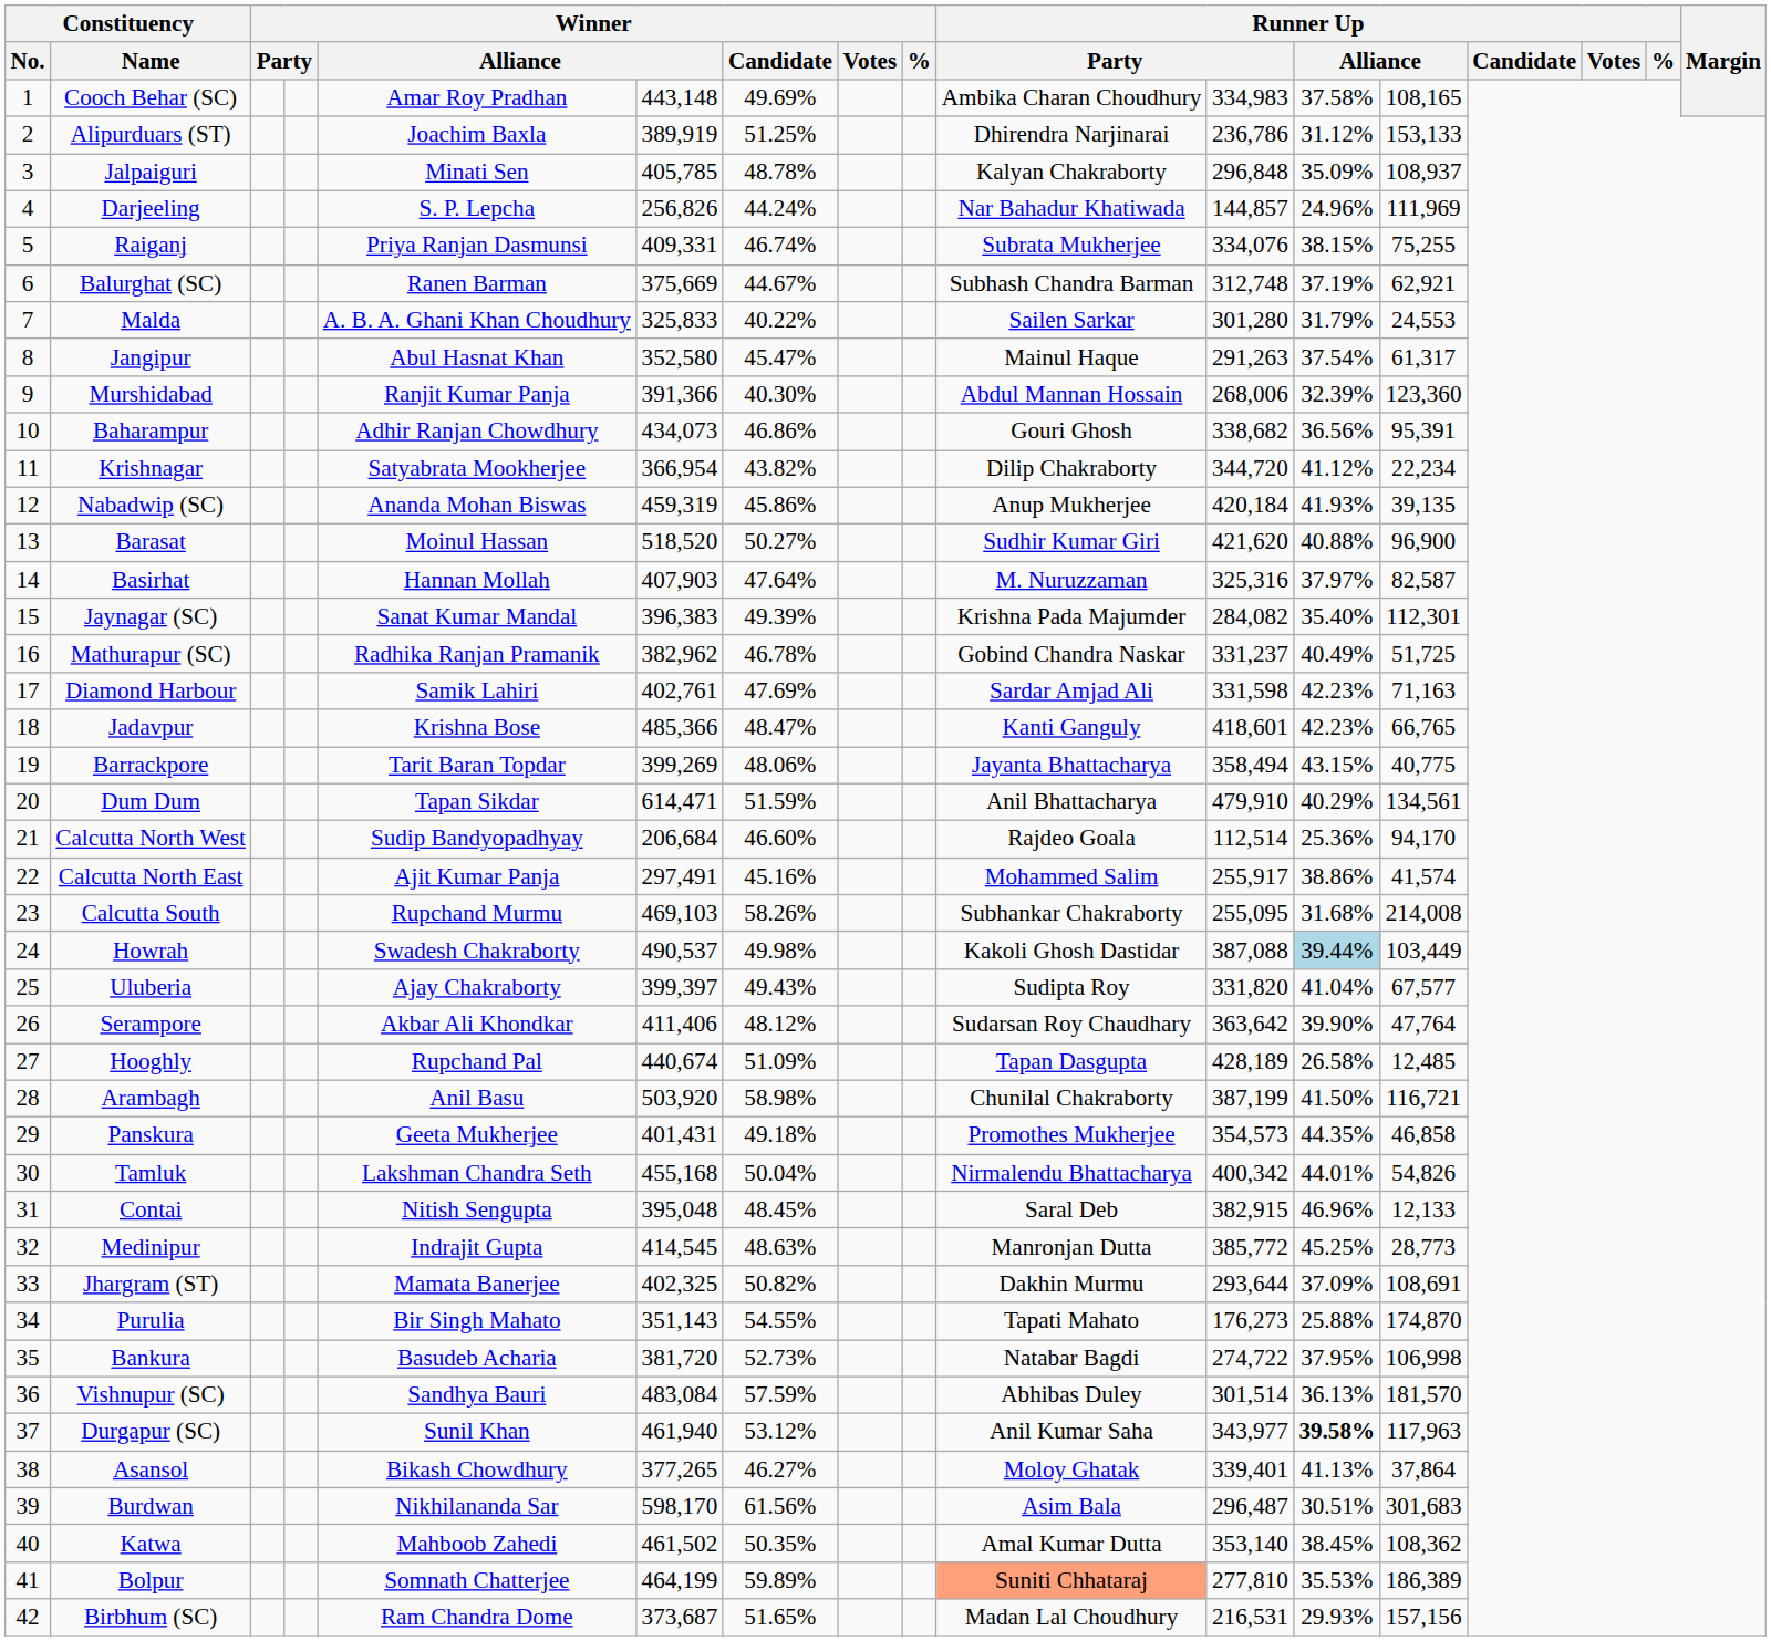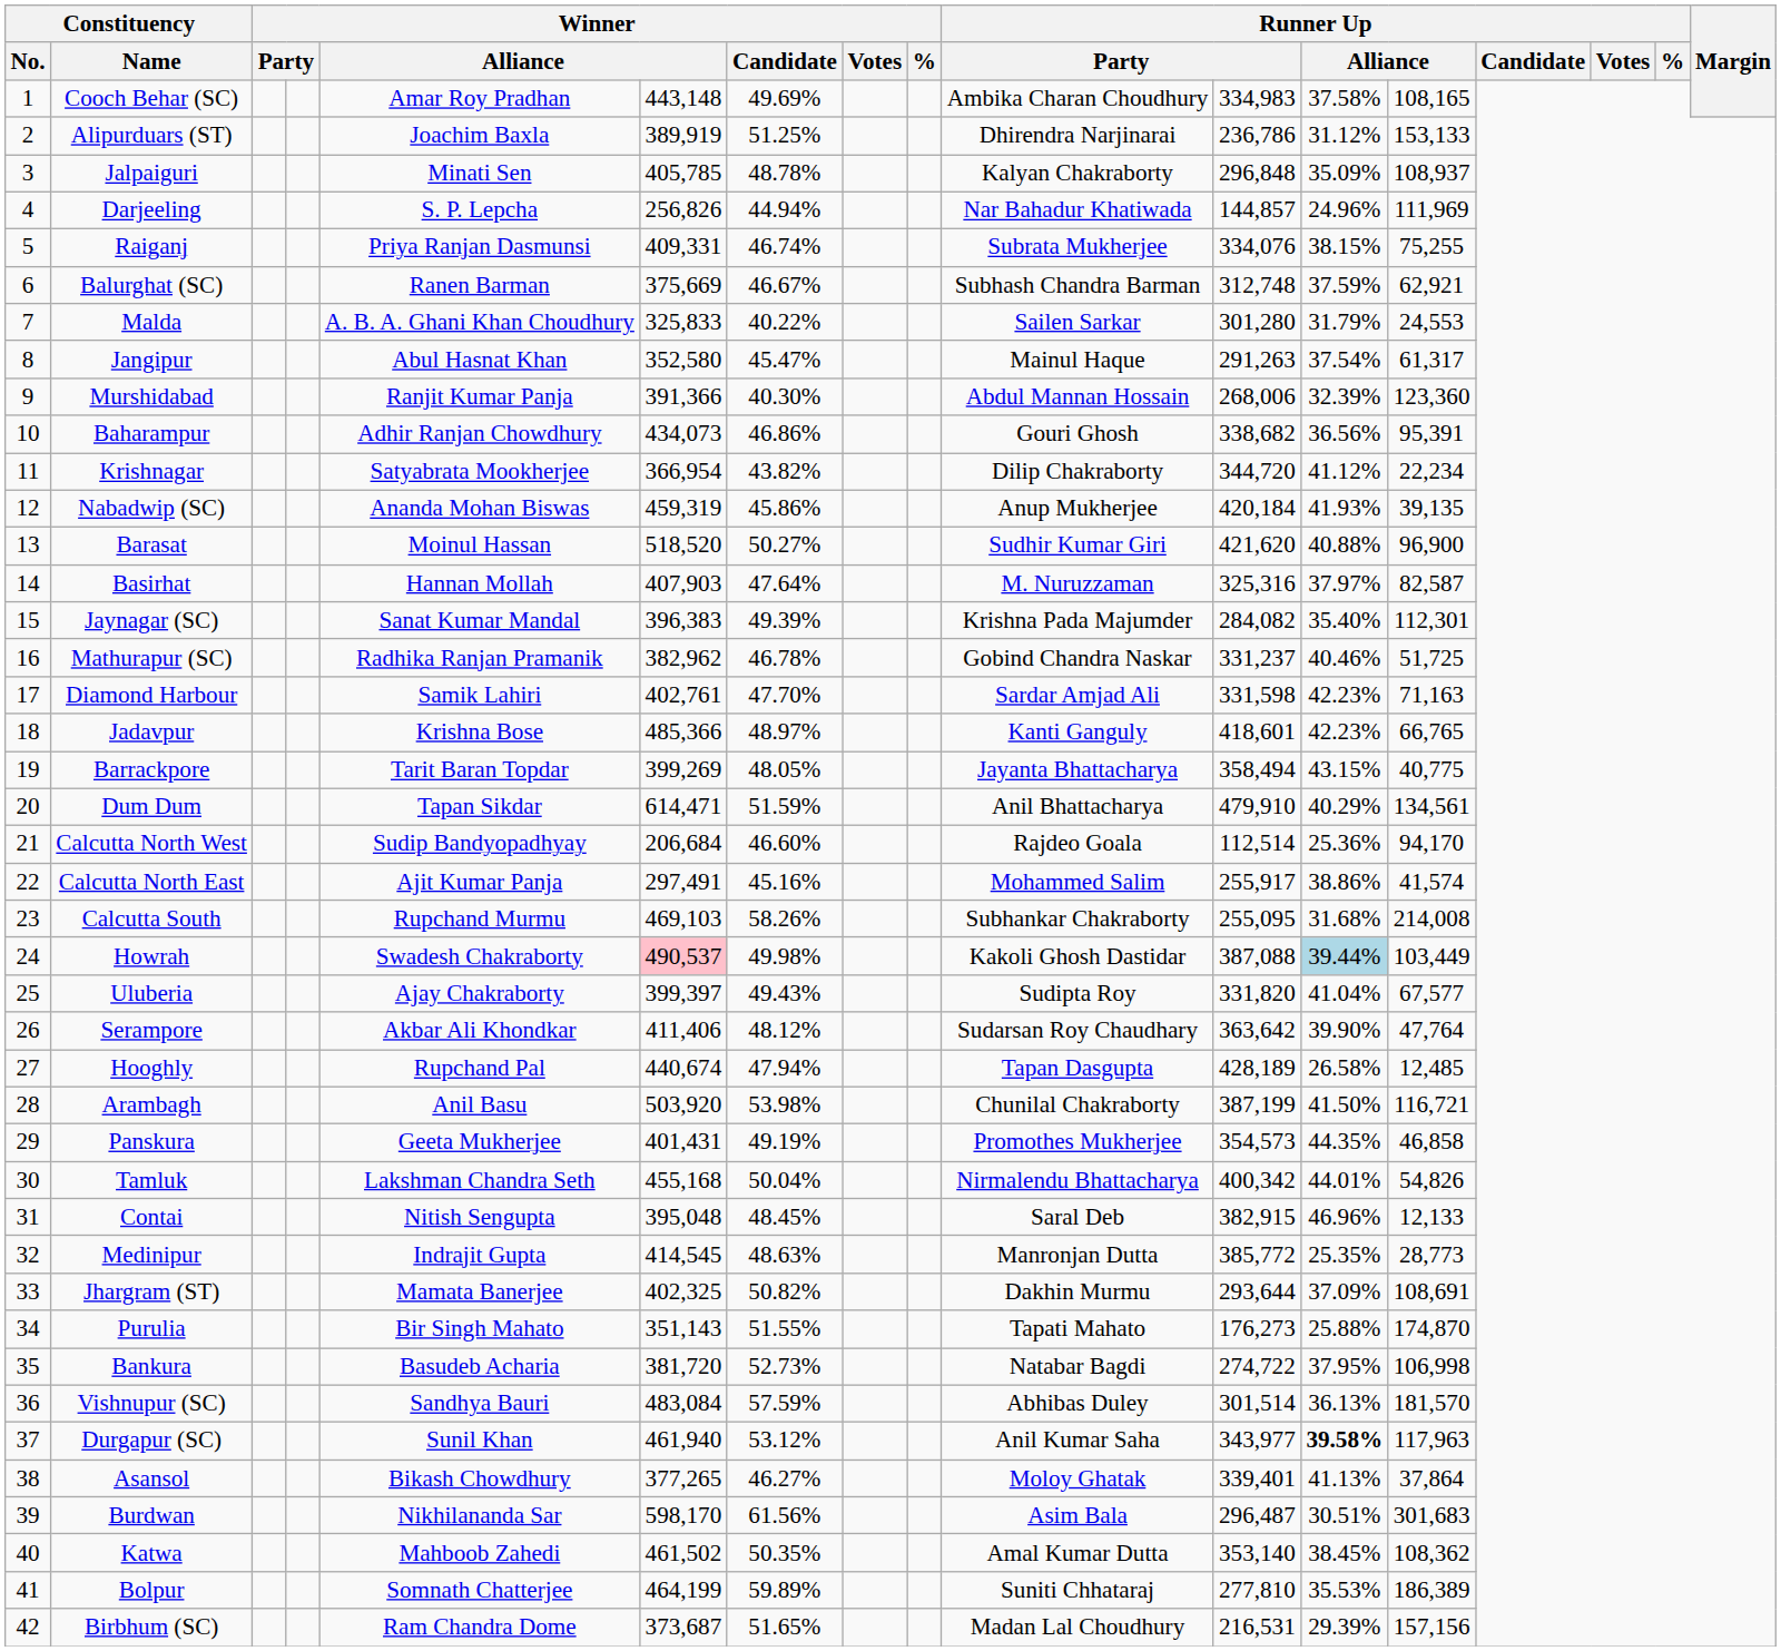 <table class="wikitable sortable" style="text-align:center;">
 <tr>
 <th colspan="2">Constituency</th>
 <th colspan="7">Winner</th>
 <th colspan="7">Runner Up</th>
 <th rowspan="3">Margin</th>
 </tr>
 <tr>
 <th>No.</th>
 <th>Name</th>
 <th colspan="2">Party</th>
 <th colspan="2">Alliance</th>
 <th>Candidate</th>
 <th>Votes</th>
 <th>%</th>
 <th colspan="2">Party</th>
 <th colspan="2">Alliance</th>
 <th>Candidate</th>
 <th>Votes</th>
 <th>%</th>
 </tr>
 <tr>
 <td>1</td>
 <td><a href='#'>Cooch Behar</a> (SC)</td>
 <td></td>
 <td></td>
 <td><a href='#'>Amar Roy Pradhan</a></td>
 <td>443,148</td>
 <td>49.69%</td>
 <td></td>
 <td></td>
 <td>Ambika Charan Choudhury</td>
 <td>334,983</td>
 <td>37.58%</td>
 <td style="background:">108,165</td>
 </tr>
 <tr>
 <td>2</td>
 <td><a href='#'>Alipurduars</a> (ST)</td>
 <td></td>
 <td></td>
 <td><a href='#'>Joachim Baxla</a></td>
 <td>389,919</td>
 <td>51.25%</td>
 <td></td>
 <td></td>
 <td>Dhirendra Narjinarai</td>
 <td>236,786</td>
 <td>31.12%</td>
 <td style="background:">153,133</td>
 </tr>
 <tr>
 <td>3</td>
 <td><a href='#'>Jalpaiguri</a></td>
 <td></td>
 <td></td>
 <td><a href='#'>Minati Sen</a></td>
 <td>405,785</td>
 <td>48.78%</td>
 <td></td>
 <td></td>
 <td>Kalyan Chakraborty</td>
 <td>296,848</td>
 <td>35.09%</td>
 <td style="background:">108,937</td>
 </tr>
 <tr>
 <td>4</td>
 <td><a href='#'>Darjeeling</a></td>
 <td></td>
 <td></td>
 <td><a href='#'>S. P. Lepcha</a></td>
 <td>256,826</td>
-<td>44.24%</td>
+<td>44.94%</td>
 <td></td>
 <td></td>
 <td><a href='#'>Nar Bahadur Khatiwada</a></td>
 <td>144,857</td>
 <td>24.96%</td>
 <td style="background:">111,969</td>
 </tr>
 <tr>
 <td>5</td>
 <td><a href='#'>Raiganj</a></td>
 <td></td>
 <td></td>
 <td><a href='#'>Priya Ranjan Dasmunsi</a></td>
 <td>409,331</td>
 <td>46.74%</td>
 <td></td>
 <td></td>
 <td><a href='#'>Subrata Mukherjee</a></td>
 <td>334,076</td>
 <td>38.15%</td>
 <td style="background:">75,255</td>
 </tr>
 <tr>
 <td>6</td>
 <td><a href='#'>Balurghat</a> (SC)</td>
 <td></td>
 <td></td>
 <td><a href='#'>Ranen Barman</a></td>
 <td>375,669</td>
-<td>44.67%</td>
+<td>46.67%</td>
 <td></td>
 <td></td>
 <td>Subhash Chandra Barman</td>
 <td>312,748</td>
-<td>37.19%</td>
+<td>37.59%</td>
 <td style="background:">62,921</td>
 </tr>
 <tr>
 <td>7</td>
 <td><a href='#'>Malda</a></td>
 <td></td>
 <td></td>
 <td><a href='#'>A. B. A. Ghani Khan Choudhury</a></td>
 <td>325,833</td>
 <td>40.22%</td>
 <td></td>
 <td></td>
 <td><a href='#'>Sailen Sarkar</a></td>
 <td>301,280</td>
 <td>31.79%</td>
 <td style="background:">24,553</td>
 </tr>
 <tr>
 <td>8</td>
 <td><a href='#'>Jangipur</a></td>
 <td></td>
 <td></td>
 <td><a href='#'>Abul Hasnat Khan</a></td>
 <td>352,580</td>
 <td>45.47%</td>
 <td></td>
 <td></td>
 <td>Mainul Haque</td>
 <td>291,263</td>
 <td>37.54%</td>
 <td style="background:">61,317</td>
 </tr>
 <tr>
 <td>9</td>
 <td><a href='#'>Murshidabad</a></td>
 <td></td>
 <td></td>
 <td><a href='#'>Ranjit Kumar Panja</a></td>
 <td>391,366</td>
 <td>40.30%</td>
 <td></td>
 <td></td>
 <td><a href='#'>Abdul Mannan Hossain</a></td>
 <td>268,006</td>
 <td>32.39%</td>
 <td style="background:">123,360</td>
 </tr>
 <tr>
 <td>10</td>
 <td><a href='#'>Baharampur</a></td>
 <td></td>
 <td></td>
 <td><a href='#'>Adhir Ranjan Chowdhury</a></td>
 <td>434,073</td>
 <td>46.86%</td>
 <td></td>
 <td></td>
 <td>Gouri Ghosh</td>
 <td>338,682</td>
 <td>36.56%</td>
 <td style="background:">95,391</td>
 </tr>
 <tr>
 <td>11</td>
 <td><a href='#'>Krishnagar</a></td>
 <td></td>
 <td></td>
 <td><a href='#'>Satyabrata Mookherjee</a></td>
 <td>366,954</td>
 <td>43.82%</td>
 <td></td>
 <td></td>
 <td>Dilip Chakraborty</td>
 <td>344,720</td>
 <td>41.12%</td>
 <td style="background:">22,234</td>
 </tr>
 <tr>
 <td>12</td>
 <td><a href='#'>Nabadwip</a> (SC)</td>
 <td></td>
 <td></td>
 <td><a href='#'>Ananda Mohan Biswas</a></td>
 <td>459,319</td>
 <td>45.86%</td>
 <td></td>
 <td></td>
 <td>Anup Mukherjee</td>
 <td>420,184</td>
 <td>41.93%</td>
 <td style="background:">39,135</td>
 </tr>
 <tr>
 <td>13</td>
 <td><a href='#'>Barasat</a></td>
 <td></td>
 <td></td>
 <td><a href='#'>Moinul Hassan</a></td>
 <td>518,520</td>
 <td>50.27%</td>
 <td></td>
 <td></td>
 <td><a href='#'>Sudhir Kumar Giri</a></td>
 <td>421,620</td>
 <td>40.88%</td>
 <td style="background:">96,900</td>
 </tr>
 <tr>
 <td>14</td>
 <td><a href='#'>Basirhat</a></td>
 <td></td>
 <td></td>
 <td><a href='#'>Hannan Mollah</a></td>
 <td>407,903</td>
 <td>47.64%</td>
 <td></td>
 <td></td>
 <td><a href='#'>M. Nuruzzaman</a></td>
 <td>325,316</td>
 <td>37.97%</td>
 <td style="background:">82,587</td>
 </tr>
 <tr>
 <td>15</td>
 <td><a href='#'>Jaynagar</a> (SC)</td>
 <td></td>
 <td></td>
 <td><a href='#'>Sanat Kumar Mandal</a></td>
 <td>396,383</td>
 <td>49.39%</td>
 <td></td>
 <td></td>
 <td>Krishna Pada Majumder</td>
 <td>284,082</td>
 <td>35.40%</td>
 <td style="background:">112,301</td>
 </tr>
 <tr>
 <td>16</td>
 <td><a href='#'>Mathurapur</a> (SC)</td>
 <td></td>
 <td></td>
 <td><a href='#'>Radhika Ranjan Pramanik</a></td>
 <td>382,962</td>
 <td>46.78%</td>
 <td></td>
 <td></td>
 <td>Gobind Chandra Naskar</td>
 <td>331,237</td>
-<td>40.49%</td>
+<td>40.46%</td>
 <td style="background:">51,725</td>
 </tr>
 <tr>
 <td>17</td>
 <td><a href='#'>Diamond Harbour</a></td>
 <td></td>
 <td></td>
 <td><a href='#'>Samik Lahiri</a></td>
 <td>402,761</td>
-<td>47.69%</td>
+<td>47.70%</td>
 <td></td>
 <td></td>
 <td><a href='#'>Sardar Amjad Ali</a></td>
 <td>331,598</td>
 <td>42.23%</td>
 <td style="background:">71,163</td>
 </tr>
 <tr>
 <td>18</td>
 <td><a href='#'>Jadavpur</a></td>
 <td></td>
 <td></td>
 <td><a href='#'>Krishna Bose</a></td>
 <td>485,366</td>
-<td>48.47%</td>
+<td>48.97%</td>
 <td></td>
 <td></td>
 <td><a href='#'>Kanti Ganguly</a></td>
 <td>418,601</td>
 <td>42.23%</td>
 <td style="background:">66,765</td>
 </tr>
 <tr>
 <td>19</td>
 <td><a href='#'>Barrackpore</a></td>
 <td></td>
 <td></td>
 <td><a href='#'>Tarit Baran Topdar</a></td>
 <td>399,269</td>
-<td>48.06%</td>
+<td>48.05%</td>
 <td></td>
 <td></td>
 <td><a href='#'>Jayanta Bhattacharya</a></td>
 <td>358,494</td>
 <td>43.15%</td>
 <td style="background:">40,775</td>
 </tr>
 <tr>
 <td>20</td>
 <td><a href='#'>Dum Dum</a></td>
 <td></td>
 <td></td>
 <td><a href='#'>Tapan Sikdar</a></td>
 <td>614,471</td>
 <td>51.59%</td>
 <td></td>
 <td></td>
 <td>Anil Bhattacharya</td>
 <td>479,910</td>
 <td>40.29%</td>
 <td style="background:">134,561</td>
 </tr>
 <tr>
 <td>21</td>
 <td><a href='#'>Calcutta North West</a></td>
 <td></td>
 <td></td>
 <td><a href='#'>Sudip Bandyopadhyay</a></td>
 <td>206,684</td>
 <td>46.60%</td>
 <td></td>
 <td></td>
 <td>Rajdeo Goala</td>
 <td>112,514</td>
 <td>25.36%</td>
 <td style="background:">94,170</td>
 </tr>
 <tr>
 <td>22</td>
 <td><a href='#'>Calcutta North East</a></td>
 <td></td>
 <td></td>
 <td><a href='#'>Ajit Kumar Panja</a></td>
 <td>297,491</td>
 <td>45.16%</td>
 <td></td>
 <td></td>
 <td><a href='#'>Mohammed Salim</a></td>
 <td>255,917</td>
 <td>38.86%</td>
 <td style="background:">41,574</td>
 </tr>
 <tr>
 <td>23</td>
 <td><a href='#'>Calcutta South</a></td>
 <td></td>
 <td></td>
 <td><a href='#'>Rupchand Murmu</a></td>
 <td>469,103</td>
 <td>58.26%</td>
 <td></td>
 <td></td>
 <td>Subhankar Chakraborty</td>
 <td>255,095</td>
 <td>31.68%</td>
 <td style="background:">214,008</td>
 </tr>
 <tr>
 <td>24</td>
 <td><a href='#'>Howrah</a></td>
 <td></td>
 <td></td>
 <td><a href='#'>Swadesh Chakraborty</a></td>
-<td>490,537</td>
+<td style="background: pink;">490,537</td>
 <td>49.98%</td>
 <td></td>
 <td></td>
 <td>Kakoli Ghosh Dastidar</td>
 <td>387,088</td>
 <td style="background: lightblue;">39.44%</td>
 <td style="background:">103,449</td>
 </tr>
 <tr>
 <td>25</td>
 <td><a href='#'>Uluberia</a></td>
 <td></td>
 <td></td>
 <td><a href='#'>Ajay Chakraborty</a></td>
 <td>399,397</td>
 <td>49.43%</td>
 <td></td>
 <td></td>
 <td>Sudipta Roy</td>
 <td>331,820</td>
 <td>41.04%</td>
 <td style="background:">67,577</td>
 </tr>
 <tr>
 <td>26</td>
 <td><a href='#'>Serampore</a></td>
 <td></td>
 <td></td>
 <td><a href='#'>Akbar Ali Khondkar</a></td>
 <td>411,406</td>
 <td>48.12%</td>
 <td></td>
 <td></td>
 <td>Sudarsan Roy Chaudhary</td>
 <td>363,642</td>
 <td>39.90%</td>
 <td style="background:">47,764</td>
 </tr>
 <tr>
 <td>27</td>
 <td><a href='#'>Hooghly</a></td>
 <td></td>
 <td></td>
 <td><a href='#'>Rupchand Pal</a></td>
 <td>440,674</td>
-<td>51.09%</td>
+<td>47.94%</td>
 <td></td>
 <td></td>
 <td><a href='#'>Tapan Dasgupta</a></td>
 <td>428,189</td>
 <td>26.58%</td>
 <td style="background:">12,485</td>
 </tr>
 <tr>
 <td>28</td>
 <td><a href='#'>Arambagh</a></td>
 <td></td>
 <td></td>
 <td><a href='#'>Anil Basu</a></td>
 <td>503,920</td>
-<td>58.98%</td>
+<td>53.98%</td>
 <td></td>
 <td></td>
 <td>Chunilal Chakraborty</td>
 <td>387,199</td>
 <td>41.50%</td>
 <td style="background:">116,721</td>
 </tr>
 <tr>
 <td>29</td>
 <td><a href='#'>Panskura</a></td>
 <td></td>
 <td></td>
 <td><a href='#'>Geeta Mukherjee</a></td>
 <td>401,431</td>
-<td>49.18%</td>
+<td>49.19%</td>
 <td></td>
 <td></td>
 <td><a href='#'>Promothes Mukherjee</a></td>
 <td>354,573</td>
 <td>44.35%</td>
 <td style="background:">46,858</td>
 </tr>
 <tr>
 <td>30</td>
 <td><a href='#'>Tamluk</a></td>
 <td></td>
 <td></td>
 <td><a href='#'>Lakshman Chandra Seth</a></td>
 <td>455,168</td>
 <td>50.04%</td>
 <td></td>
 <td></td>
 <td><a href='#'>Nirmalendu Bhattacharya</a></td>
 <td>400,342</td>
 <td>44.01%</td>
 <td style="background:">54,826</td>
 </tr>
 <tr>
 <td>31</td>
 <td><a href='#'>Contai</a></td>
 <td></td>
 <td></td>
 <td><a href='#'>Nitish Sengupta</a></td>
 <td>395,048</td>
 <td>48.45%</td>
 <td></td>
 <td></td>
 <td>Saral Deb</td>
 <td>382,915</td>
 <td>46.96%</td>
 <td style="background:">12,133</td>
 </tr>
 <tr>
 <td>32</td>
 <td><a href='#'>Medinipur</a></td>
 <td></td>
 <td></td>
 <td><a href='#'>Indrajit Gupta</a></td>
 <td>414,545</td>
 <td>48.63%</td>
 <td></td>
 <td></td>
 <td>Manronjan Dutta</td>
 <td>385,772</td>
-<td>45.25%</td>
+<td>25.35%</td>
 <td style="background:">28,773</td>
 </tr>
 <tr>
 <td>33</td>
 <td><a href='#'>Jhargram</a> (ST)</td>
 <td></td>
 <td></td>
 <td><a href='#'>Mamata Banerjee</a></td>
 <td>402,325</td>
 <td>50.82%</td>
 <td></td>
 <td></td>
 <td>Dakhin Murmu</td>
 <td>293,644</td>
 <td>37.09%</td>
 <td style="background:">108,691</td>
 </tr>
 <tr>
 <td>34</td>
 <td><a href='#'>Purulia</a></td>
 <td></td>
 <td></td>
 <td><a href='#'>Bir Singh Mahato</a></td>
 <td>351,143</td>
-<td>54.55%</td>
+<td>51.55%</td>
 <td></td>
 <td></td>
 <td>Tapati Mahato</td>
 <td>176,273</td>
 <td>25.88%</td>
 <td style="background:">174,870</td>
 </tr>
 <tr>
 <td>35</td>
 <td><a href='#'>Bankura</a></td>
 <td></td>
 <td></td>
 <td><a href='#'>Basudeb Acharia</a></td>
 <td>381,720</td>
 <td>52.73%</td>
 <td></td>
 <td></td>
 <td>Natabar Bagdi</td>
 <td>274,722</td>
 <td>37.95%</td>
 <td style="background:">106,998</td>
 </tr>
 <tr>
 <td>36</td>
 <td><a href='#'>Vishnupur</a> (SC)</td>
 <td></td>
 <td></td>
 <td><a href='#'>Sandhya Bauri</a></td>
 <td>483,084</td>
 <td>57.59%</td>
 <td></td>
 <td></td>
 <td>Abhibas Duley</td>
 <td>301,514</td>
 <td>36.13%</td>
 <td style="background:">181,570</td>
 </tr>
 <tr>
 <td>37</td>
 <td><a href='#'>Durgapur</a> (SC)</td>
 <td></td>
 <td></td>
 <td><a href='#'>Sunil Khan</a></td>
 <td>461,940</td>
 <td>53.12%</td>
 <td></td>
 <td></td>
 <td>Anil Kumar Saha</td>
 <td>343,977</td>
 <td><strong>39.58%</strong></td>
 <td style="background:">117,963</td>
 </tr>
 <tr>
 <td>38</td>
 <td><a href='#'>Asansol</a></td>
 <td></td>
 <td></td>
 <td><a href='#'>Bikash Chowdhury</a></td>
 <td>377,265</td>
 <td>46.27%</td>
 <td></td>
 <td></td>
 <td><a href='#'>Moloy Ghatak</a></td>
 <td>339,401</td>
 <td>41.13%</td>
 <td style="background:">37,864</td>
 </tr>
 <tr>
 <td>39</td>
 <td><a href='#'>Burdwan</a></td>
 <td></td>
 <td></td>
 <td><a href='#'>Nikhilananda Sar</a></td>
 <td>598,170</td>
 <td>61.56%</td>
 <td></td>
 <td></td>
 <td><a href='#'>Asim Bala</a></td>
 <td>296,487</td>
 <td>30.51%</td>
 <td style="background:">301,683</td>
 </tr>
 <tr>
 <td>40</td>
 <td><a href='#'>Katwa</a></td>
 <td></td>
 <td></td>
 <td><a href='#'>Mahboob Zahedi</a></td>
 <td>461,502</td>
 <td>50.35%</td>
 <td></td>
 <td></td>
 <td>Amal Kumar Dutta</td>
 <td>353,140</td>
 <td>38.45%</td>
 <td style="background:">108,362</td>
 </tr>
 <tr>
 <td>41</td>
 <td><a href='#'>Bolpur</a></td>
 <td></td>
 <td></td>
 <td><a href='#'>Somnath Chatterjee</a></td>
 <td>464,199</td>
 <td>59.89%</td>
 <td></td>
 <td></td>
-<td style="background: lightsalmon;">Suniti Chhataraj</td>
+<td>Suniti Chhataraj</td>
 <td>277,810</td>
 <td>35.53%</td>
 <td style="background:">186,389</td>
 </tr>
 <tr>
 <td>42</td>
 <td><a href='#'>Birbhum</a> (SC)</td>
 <td></td>
 <td></td>
 <td><a href='#'>Ram Chandra Dome</a></td>
 <td>373,687</td>
 <td>51.65%</td>
 <td></td>
 <td></td>
 <td>Madan Lal Choudhury</td>
 <td>216,531</td>
-<td>29.93%</td>
+<td>29.39%</td>
 <td style="background:">157,156</td>
 </tr>
 </table>
